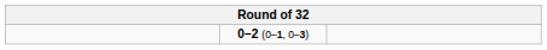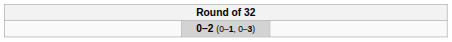 <table class="wikitable" style="text-align: center;">
 <tr>
 <th colspan=3>Round of 32</th>
 </tr>
 <tr>
 <td align=left width="270"></td>
-<td align=center width="130"><strong>0–2</strong> <small>(0–<strong>1</strong>, 0–<strong>3</strong>)</small></td>
+<td align=center width="130" style="background: lightgrey;"><strong>0–2</strong> <small>(0–<strong>1</strong>, 0–<strong>3</strong>)</small></td>
 <td align=left width="270"><strong></strong></td>
 </tr>
 </table>
